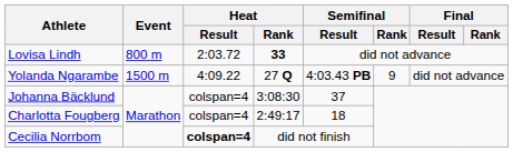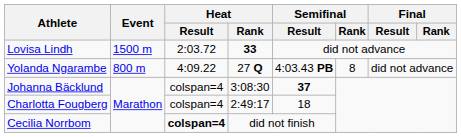 <table class="wikitable" style="font-size:90%">
 <tr>
 <th rowspan="2">Athlete</th>
 <th rowspan="2">Event</th>
 <th colspan="2">Heat</th>
 <th colspan="2">Semifinal</th>
 <th colspan="2">Final</th>
 </tr>
 <tr style="font-size:95%">
 <th>Result</th>
 <th>Rank</th>
 <th>Result</th>
 <th>Rank</th>
 <th>Result</th>
 <th>Rank</th>
 </tr>
 <tr align=center>
 <td align=left><a href='#'>Lovisa Lindh</a></td>
-<td align=left><a href='#'>800 m</a></td>
+<td align=left><a href='#'>1500 m</a></td>
 <td>2:03.72</td>
 <td><strong>33</strong></td>
 <td colspan=4>did not advance</td>
 </tr>
 <tr align=center>
 <td align=left><a href='#'>Yolanda Ngarambe</a></td>
-<td align=left><a href='#'>1500 m</a></td>
+<td align=left><a href='#'>800 m</a></td>
 <td>4:09.22</td>
 <td>27 <strong>Q</strong></td>
 <td>4:03.43 <strong>PB</strong></td>
-<td>9</td>
+<td>8</td>
 <td colspan=2>did not advance</td>
 </tr>
 <tr align=center>
 <td align=left><a href='#'>Johanna Bäcklund</a></td>
 <td align=left rowspan=3><a href='#'>Marathon</a></td>
 <td>colspan=4 </td>
 <td>3:08:30</td>
-<td>37</td>
+<td><strong>37</strong></td>
 </tr>
 <tr align=center>
 <td align=left><a href='#'>Charlotta Fougberg</a></td>
 <td>colspan=4 </td>
 <td>2:49:17</td>
 <td>18</td>
 </tr>
 <tr align=center>
 <td align=left><a href='#'>Cecilia Norrbom</a></td>
 <td><strong>colspan=4 </strong></td>
 <td colspan=2>did not finish</td>
 </tr>
 </table>
